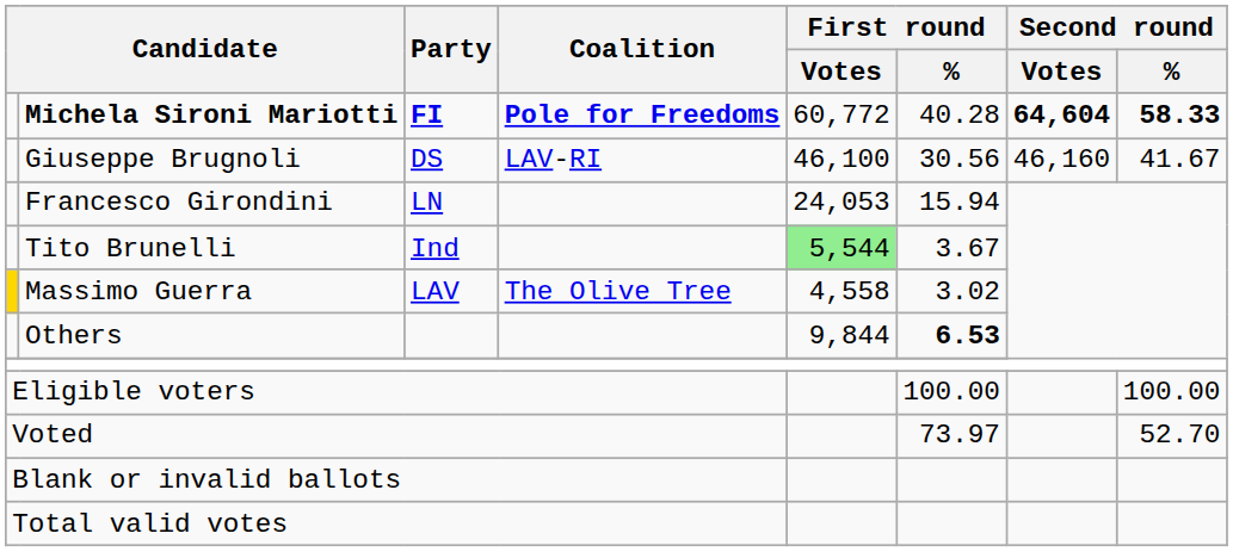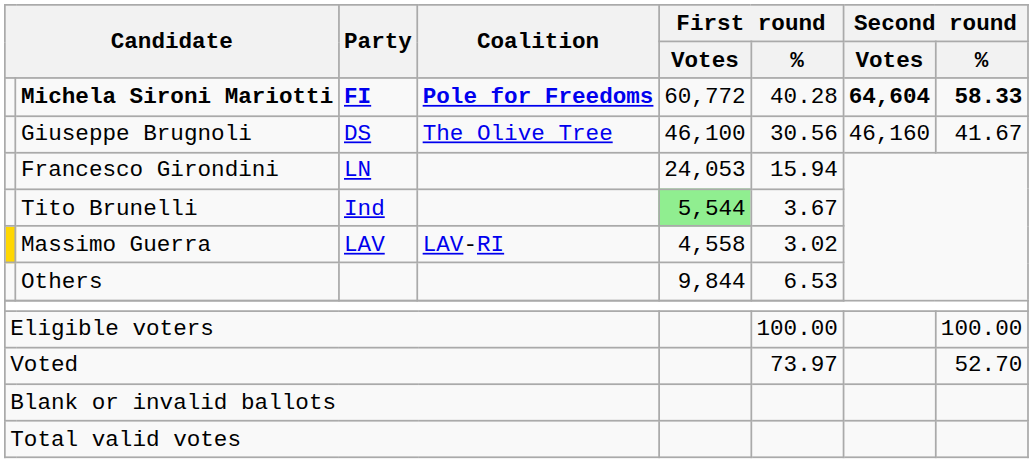 <table class="wikitable centre">
 <tr>
 <th scope="col" rowspan=2 colspan=2>Candidate</th>
 <th scope="col" rowspan=2 colspan=1>Party</th>
 <th scope="col" rowspan=2 colspan=1>Coalition</th>
 <th scope="col" colspan=2>First round</th>
 <th scope="col" colspan=2>Second round</th>
 </tr>
 <tr>
 <th scope="col">Votes</th>
 <th scope="col">%</th>
 <th scope="col">Votes</th>
 <th scope="col">%</th>
 </tr>
 <tr>
 <td></td>
 <td><strong>Michela Sironi Mariotti</strong></td>
 <td><strong><a href='#'>FI</a></strong></td>
 <td><strong><a href='#'>Pole for Freedoms</a></strong></td>
 <td style="text-align: right">60,772</td>
 <td style="text-align: right">40.28</td>
 <td style="text-align: right"><strong>64,604</strong></td>
 <td style="text-align: right"><strong>58.33</strong></td>
 </tr>
 <tr>
 <td></td>
 <td>Giuseppe Brugnoli</td>
 <td><a href='#'>DS</a></td>
-<td><a href='#'>LAV</a>-<a href='#'>RI</a></td>
+<td><a href='#'>The Olive Tree</a></td>
 <td style="text-align: right">46,100</td>
 <td style="text-align: right">30.56</td>
 <td style="text-align: right">46,160</td>
 <td style="text-align: right">41.67</td>
 </tr>
 <tr>
 <td></td>
 <td>Francesco Girondini</td>
 <td><a href='#'>LN</a></td>
 <td></td>
 <td style="text-align: right">24,053</td>
 <td style="text-align: right">15.94</td>
 </tr>
 <tr>
 <td bgcolor=""></td>
 <td>Tito Brunelli</td>
 <td><a href='#'>Ind</a></td>
 <td></td>
 <td style="background: lightgreen; text-align: right">5,544</td>
 <td style="text-align: right">3.67</td>
 </tr>
 <tr>
 <td bgcolor="gold"></td>
 <td>Massimo Guerra</td>
 <td><a href='#'>LAV</a></td>
-<td><a href='#'>The Olive Tree</a></td>
+<td><a href='#'>LAV</a>-<a href='#'>RI</a></td>
 <td style="text-align: right">4,558</td>
 <td style="text-align: right">3.02</td>
 </tr>
 <tr>
 <td bgcolor=""></td>
 <td>Others</td>
 <td></td>
 <td></td>
 <td style="text-align: right">9,844</td>
-<td style="text-align: right"><strong>6.53</strong></td>
+<td style="text-align: right">6.53</td>
 </tr>
 <tr>
 </tr>
 <tr bgcolor=white>
 <td colspan=8></td>
 </tr>
 <tr>
 <td colspan=4>Eligible voters</td>
 <td style="text-align: right"></td>
 <td style="text-align: right">100.00</td>
 <td style="text-align: right"></td>
 <td style="text-align: right">100.00</td>
 </tr>
 <tr>
 <td colspan=4>Voted</td>
 <td style="text-align: right"></td>
 <td style="text-align: right">73.97</td>
 <td style="text-align: right"></td>
 <td style="text-align: right">52.70</td>
 </tr>
 <tr>
 <td colspan=4>Blank or invalid ballots</td>
 <td style="text-align: right"></td>
 <td style="text-align: right"></td>
 <td style="text-align: right"></td>
 <td style="text-align: right"></td>
 </tr>
 <tr>
 <td colspan=4>Total valid votes</td>
 <td style="text-align: right"></td>
 <td style="text-align: right"></td>
 <td style="text-align: right"></td>
 <td style="text-align: right"></td>
 </tr>
 </table>
